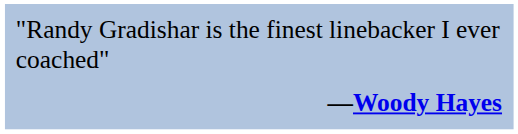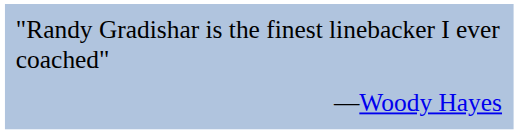 <table class="toccolours" style="float: right; margin-left: 1em; margin-right: 2em; font-size: 85%; background:lightsteelblue; width:20em;" cellspacing="5">
 <tr>
 <td style="text-align: left;">"Randy Gradishar is the finest linebacker I ever coached"</td>
 </tr>
 <tr>
-<td style="text-align: right;"><strong>—<a href='#'>Woody Hayes</a></strong></td>
+<td style="text-align: right;">—<a href='#'>Woody Hayes</a></td>
 </tr>
 </table>
